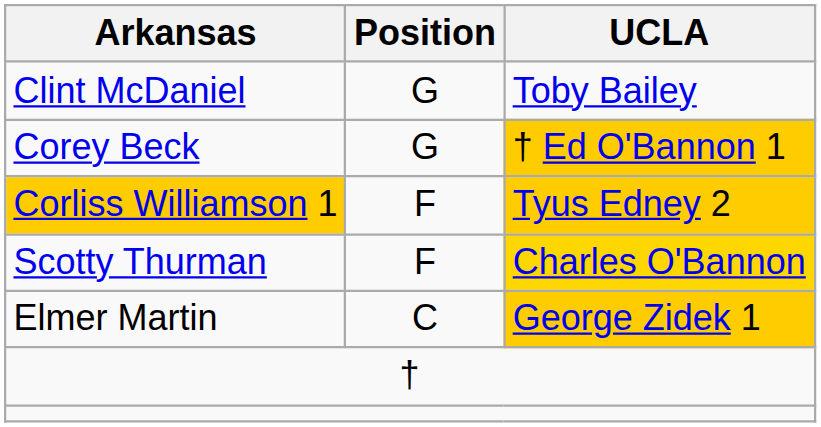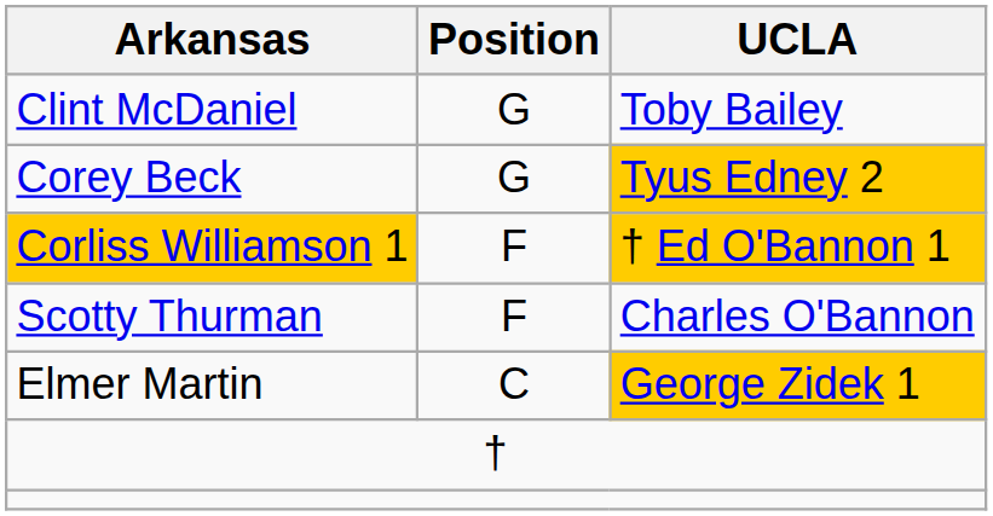 <table class="wikitable">
 <tr>
 <th>Arkansas</th>
 <th colspan="2">Position</th>
 <th>UCLA</th>
 </tr>
 <tr>
 <td><a href='#'>Clint McDaniel</a></td>
 <td colspan=2 style="text-align:center">G</td>
 <td><a href='#'>Toby Bailey</a></td>
 </tr>
 <tr>
 <td><a href='#'>Corey Beck</a></td>
 <td colspan=2 style="text-align:center">G</td>
-<td style="background:#ffcc00">† <a href='#'>Ed O'Bannon</a> 1</td>
+<td style="background:#ffcc00"><a href='#'>Tyus Edney</a> 2</td>
 </tr>
 <tr>
 <td style="background:#ffcc00"><a href='#'>Corliss Williamson</a> 1</td>
 <td colspan=2 style="text-align:center">F</td>
-<td style="background:#ffcc00"><a href='#'>Tyus Edney</a> 2</td>
+<td style="background:#ffcc00">† <a href='#'>Ed O'Bannon</a> 1</td>
 </tr>
 <tr>
 <td><a href='#'>Scotty Thurman</a></td>
 <td colspan=2 style="text-align:center">F</td>
-<td style="background: gold;"><a href='#'>Charles O'Bannon</a></td>
+<td><a href='#'>Charles O'Bannon</a></td>
 </tr>
 <tr>
 <td>Elmer Martin</td>
 <td colspan=2 style="text-align:center">C</td>
 <td style="background:#ffcc00"><a href='#'>George Zidek</a> 1</td>
 </tr>
 <tr>
 <td colspan="5" align=center>† </td>
 </tr>
 <tr>
 <td colspan="5" align=center></td>
 </tr>
 </table>
